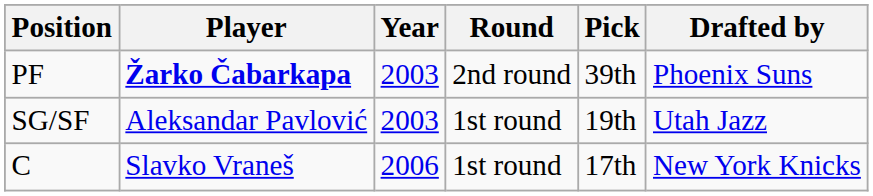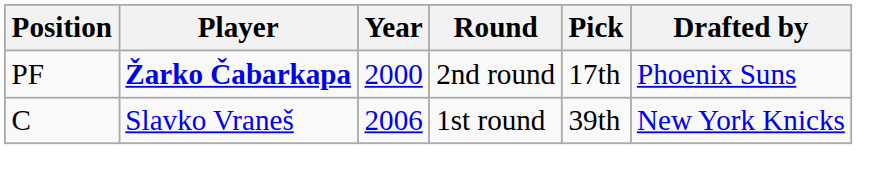 <table class="wikitable sortable" style="text-align: left;">
 <tr>
 <th>Position</th>
 <th>Player</th>
 <th>Year</th>
 <th>Round</th>
 <th>Pick</th>
 <th>Drafted by</th>
 </tr>
 <tr>
 <td>PF</td>
 <td><strong> <a href='#'>Žarko Čabarkapa</a></strong></td>
-<td><a href='#'>2003</a></td>
+<td><a href='#'>2000</a></td>
 <td>2nd round</td>
-<td>39th</td>
+<td>17th</td>
 <td><a href='#'>Phoenix Suns</a></td>
-</tr>
-<tr>
-<td>SG/SF</td>
-<td> <a href='#'>Aleksandar Pavlović</a></td>
-<td><a href='#'>2003</a></td>
-<td>1st round</td>
-<td>19th</td>
-<td><a href='#'>Utah Jazz</a></td>
 </tr>
 <tr>
 <td>C</td>
 <td> <a href='#'>Slavko Vraneš</a></td>
 <td><a href='#'>2006</a></td>
 <td>1st round</td>
-<td>17th</td>
+<td>39th</td>
 <td><a href='#'>New York Knicks</a></td>
 </tr>
 </table>
